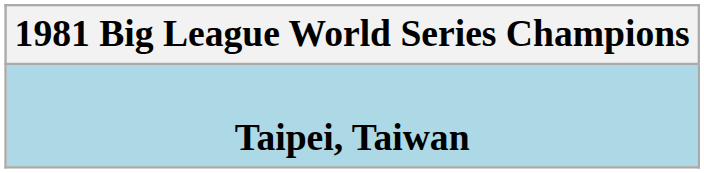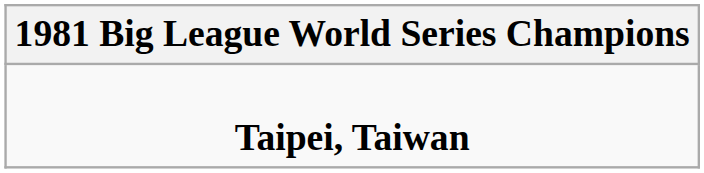 <table class="wikitable" style="text-align: center; margin: 0 auto;">
 <tr>
 <th>1981 Big League World Series Champions</th>
 </tr>
 <tr>
-<td style="background: lightblue;"><br><strong>Taipei, Taiwan</strong></td>
+<td><br><strong>Taipei, Taiwan</strong></td>
 </tr>
 </table>
